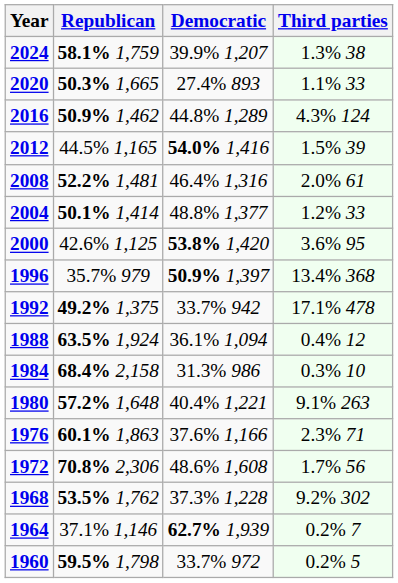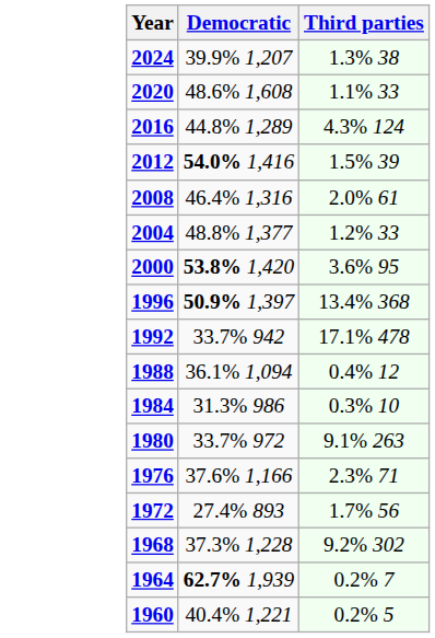 <table class="wikitable" style="float:right; margin: 1em 1em 1em 0; font-size: 95%;">
 <tr>
 <th>Year</th>
-<th><a href='#'>Republican</a></th>
 <th><a href='#'>Democratic</a></th>
 <th><a href='#'>Third parties</a></th>
 </tr>
 <tr>
 <td style="text-align:center; "><strong><a href='#'>2024</a></strong></td>
-<td style="text-align:center; "><strong>58.1%</strong> <em>1,759</em></td>
 <td style="text-align:center; ">39.9%  <em>1,207</em></td>
 <td style="text-align:center; background:honeyDew;">1.3% <em>38</em></td>
 </tr>
 <tr>
 <td style="text-align:center; "><strong><a href='#'>2020</a></strong></td>
-<td style="text-align:center; "><strong>50.3%</strong> <em>1,665</em></td>
-<td style="text-align:center; ">27.4%  <em>893</em></td>
+<td style="text-align:center; ">48.6%  <em>1,608</em></td>
 <td style="text-align:center; background:honeyDew;">1.1% <em>33</em></td>
 </tr>
 <tr>
 <td style="text-align:center; "><strong><a href='#'>2016</a></strong></td>
-<td style="text-align:center; "><strong>50.9%</strong> <em>1,462</em></td>
 <td style="text-align:center; ">44.8%  <em>1,289</em></td>
 <td style="text-align:center; background:honeyDew;">4.3% <em>124</em></td>
 </tr>
 <tr>
 <td style="text-align:center; "><strong><a href='#'>2012</a></strong></td>
-<td style="text-align:center; ">44.5% <em>1,165</em></td>
 <td style="text-align:center; "><strong>54.0%</strong>  <em>1,416</em></td>
 <td style="text-align:center; background:honeyDew;">1.5% <em>39</em></td>
 </tr>
 <tr>
 <td style="text-align:center; "><strong><a href='#'>2008</a></strong></td>
-<td style="text-align:center; "><strong>52.2%</strong> <em>1,481</em></td>
 <td style="text-align:center; ">46.4%  <em>1,316</em></td>
 <td style="text-align:center; background:honeyDew;">2.0% <em>61</em></td>
 </tr>
 <tr>
 <td style="text-align:center; "><strong><a href='#'>2004</a></strong></td>
-<td style="text-align:center; "><strong>50.1%</strong> <em>1,414</em></td>
 <td style="text-align:center; ">48.8%  <em>1,377</em></td>
 <td style="text-align:center; background:honeyDew;">1.2% <em>33</em></td>
 </tr>
 <tr>
 <td style="text-align:center; "><strong><a href='#'>2000</a></strong></td>
-<td style="text-align:center; ">42.6% <em>1,125</em></td>
 <td style="text-align:center; "><strong>53.8%</strong>  <em>1,420</em></td>
 <td style="text-align:center; background:honeyDew;">3.6% <em>95</em></td>
 </tr>
 <tr>
 <td style="text-align:center; "><strong><a href='#'>1996</a></strong></td>
-<td style="text-align:center; ">35.7% <em>979</em></td>
 <td style="text-align:center; "><strong>50.9%</strong>  <em>1,397</em></td>
 <td style="text-align:center; background:honeyDew;">13.4% <em>368</em></td>
 </tr>
 <tr>
 <td style="text-align:center; "><strong><a href='#'>1992</a></strong></td>
-<td style="text-align:center; "><strong>49.2%</strong> <em>1,375</em></td>
 <td style="text-align:center; ">33.7%  <em>942</em></td>
 <td style="text-align:center; background:honeyDew;">17.1% <em>478</em></td>
 </tr>
 <tr>
 <td style="text-align:center; "><strong><a href='#'>1988</a></strong></td>
-<td style="text-align:center; "><strong>63.5%</strong> <em>1,924</em></td>
 <td style="text-align:center; ">36.1%  <em>1,094</em></td>
 <td style="text-align:center; background:honeyDew;">0.4% <em>12</em></td>
 </tr>
 <tr>
 <td style="text-align:center; "><strong><a href='#'>1984</a></strong></td>
-<td style="text-align:center; "><strong>68.4%</strong> <em>2,158</em></td>
 <td style="text-align:center; ">31.3%  <em>986</em></td>
 <td style="text-align:center; background:honeyDew;">0.3% <em>10</em></td>
 </tr>
 <tr>
 <td style="text-align:center; "><strong><a href='#'>1980</a></strong></td>
-<td style="text-align:center; "><strong>57.2%</strong> <em>1,648</em></td>
-<td style="text-align:center; ">40.4%  <em>1,221</em></td>
+<td style="text-align:center; ">33.7%  <em>972</em></td>
 <td style="text-align:center; background:honeyDew;">9.1% <em>263</em></td>
 </tr>
 <tr>
 <td style="text-align:center; "><strong><a href='#'>1976</a></strong></td>
-<td style="text-align:center; "><strong>60.1%</strong> <em>1,863</em></td>
 <td style="text-align:center; ">37.6%  <em>1,166</em></td>
 <td style="text-align:center; background:honeyDew;">2.3% <em>71</em></td>
 </tr>
 <tr>
 <td style="text-align:center; "><strong><a href='#'>1972</a></strong></td>
-<td style="text-align:center; "><strong>70.8%</strong> <em>2,306</em></td>
-<td style="text-align:center; ">48.6%  <em>1,608</em></td>
+<td style="text-align:center; ">27.4%  <em>893</em></td>
 <td style="text-align:center; background:honeyDew;">1.7% <em>56</em></td>
 </tr>
 <tr>
 <td style="text-align:center; "><strong><a href='#'>1968</a></strong></td>
-<td style="text-align:center; "><strong>53.5%</strong> <em>1,762</em></td>
 <td style="text-align:center; ">37.3%  <em>1,228</em></td>
 <td style="text-align:center; background:honeyDew;">9.2% <em>302</em></td>
 </tr>
 <tr>
 <td style="text-align:center; "><strong><a href='#'>1964</a></strong></td>
-<td style="text-align:center; ">37.1% <em>1,146</em></td>
 <td style="text-align:center; "><strong>62.7%</strong>  <em>1,939</em></td>
 <td style="text-align:center; background:honeyDew;">0.2% <em>7</em></td>
 </tr>
 <tr>
 <td style="text-align:center; "><strong><a href='#'>1960</a></strong></td>
-<td style="text-align:center; "><strong>59.5%</strong> <em>1,798</em></td>
-<td style="text-align:center; ">33.7%  <em>972</em></td>
+<td style="text-align:center; ">40.4%  <em>1,221</em></td>
 <td style="text-align:center; background:honeyDew;">0.2% <em>5</em></td>
 </tr>
 </table>
